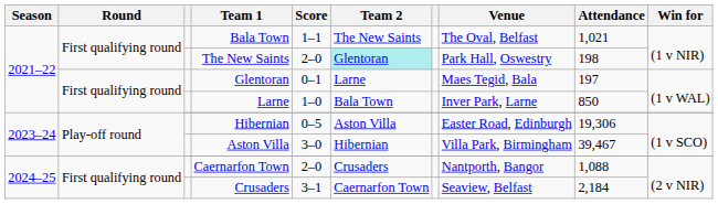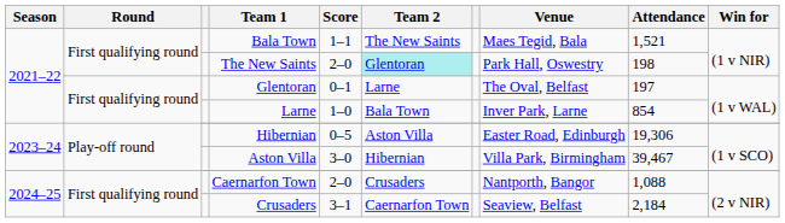 <table class="wikitable">
 <tr>
 <th>Season</th>
 <th>Round</th>
 <th></th>
 <th>Team 1</th>
 <th>Score</th>
 <th>Team 2</th>
 <th></th>
 <th>Venue</th>
 <th>Attendance</th>
 <th>Win for</th>
 </tr>
 <tr>
 <td rowspan=4><a href='#'>2021–22</a></td>
 <td rowspan=2>First qualifying round</td>
 <td align=center></td>
 <td align="right"><a href='#'>Bala Town</a></td>
 <td style="text-align:center;">1–1</td>
 <td><a href='#'>The New Saints</a></td>
 <td align=center></td>
-<td><a href='#'>The Oval</a>, <a href='#'>Belfast</a></td>
-<td>1,021</td>
+<td><a href='#'>Maes Tegid</a>, <a href='#'>Bala</a></td>
+<td>1,521</td>
 <td rowspan=2><br>(1 v NIR)</td>
 </tr>
 <tr>
 <td align=center></td>
 <td align="right"><a href='#'>The New Saints</a></td>
 <td style="text-align:center;">2–0</td>
 <td style="background: paleturquoise;"><a href='#'>Glentoran</a></td>
 <td align=center></td>
 <td><a href='#'>Park Hall</a>, <a href='#'>Oswestry</a></td>
 <td>198</td>
 </tr>
 <tr>
 <td rowspan=2>First qualifying round</td>
 <td align=center></td>
 <td align="right"><a href='#'>Glentoran</a></td>
 <td style="text-align:center;">0–1</td>
 <td><a href='#'>Larne</a></td>
 <td align=center></td>
-<td><a href='#'>Maes Tegid</a>, <a href='#'>Bala</a></td>
+<td><a href='#'>The Oval</a>, <a href='#'>Belfast</a></td>
 <td>197</td>
 <td rowspan=2><br>(1 v WAL)</td>
 </tr>
 <tr>
 <td align=center></td>
 <td align="right"><a href='#'>Larne</a></td>
 <td style="text-align:center;">1–0</td>
 <td><a href='#'>Bala Town</a></td>
 <td align=center></td>
 <td><a href='#'>Inver Park</a>, <a href='#'>Larne</a></td>
-<td>850</td>
+<td>854</td>
 </tr>
 <tr>
 <td rowspan=3><a href='#'>2023–24</a></td>
 <td rowspan=3>Play-off round</td>
 </tr>
 <tr>
 <td align=center></td>
 <td align="right"><a href='#'>Hibernian</a></td>
 <td style="text-align:center;">0–5</td>
 <td><a href='#'>Aston Villa</a></td>
 <td align=center></td>
 <td><a href='#'>Easter Road</a>, <a href='#'>Edinburgh</a></td>
 <td>19,306</td>
 <td rowspan=2><br>(1 v SCO)</td>
 </tr>
 <tr>
 <td align=center></td>
 <td align="right"><a href='#'>Aston Villa</a></td>
 <td style="text-align:center;">3–0</td>
 <td><a href='#'>Hibernian</a></td>
 <td align=center></td>
 <td><a href='#'>Villa Park</a>, <a href='#'>Birmingham</a></td>
 <td>39,467</td>
 </tr>
 <tr>
 <td rowspan=3><a href='#'>2024–25</a></td>
 <td rowspan=3>First qualifying round</td>
 </tr>
 <tr>
 <td align=center></td>
 <td align="right"><a href='#'>Caernarfon Town</a></td>
 <td style="text-align:center;">2–0</td>
 <td><a href='#'>Crusaders</a></td>
 <td align=center></td>
 <td><a href='#'>Nantporth</a>, <a href='#'>Bangor</a></td>
 <td>1,088</td>
 <td rowspan=2><br>(2 v NIR)</td>
 </tr>
 <tr>
 <td align=center></td>
 <td align="right"><a href='#'>Crusaders</a></td>
 <td style="text-align:center;">3–1<br><small></small></td>
 <td><a href='#'>Caernarfon Town</a></td>
 <td align=center></td>
 <td><a href='#'>Seaview</a>, <a href='#'>Belfast</a></td>
 <td>2,184</td>
 </tr>
 </table>
